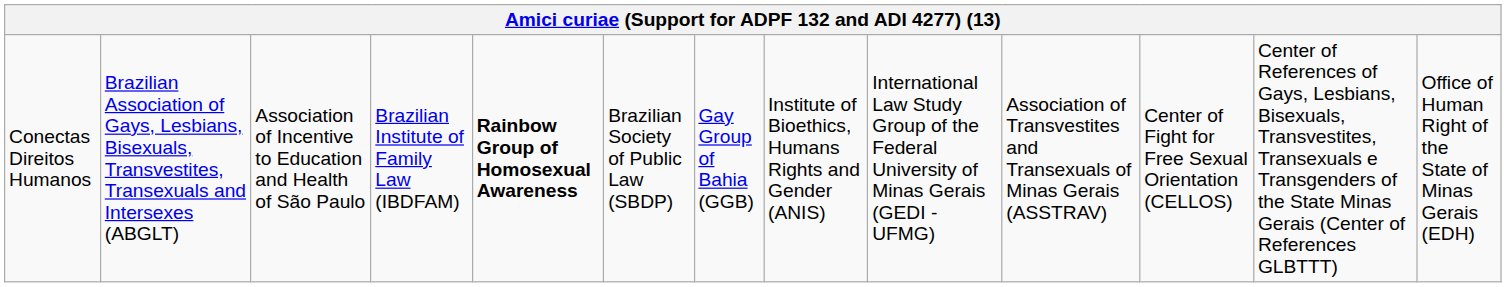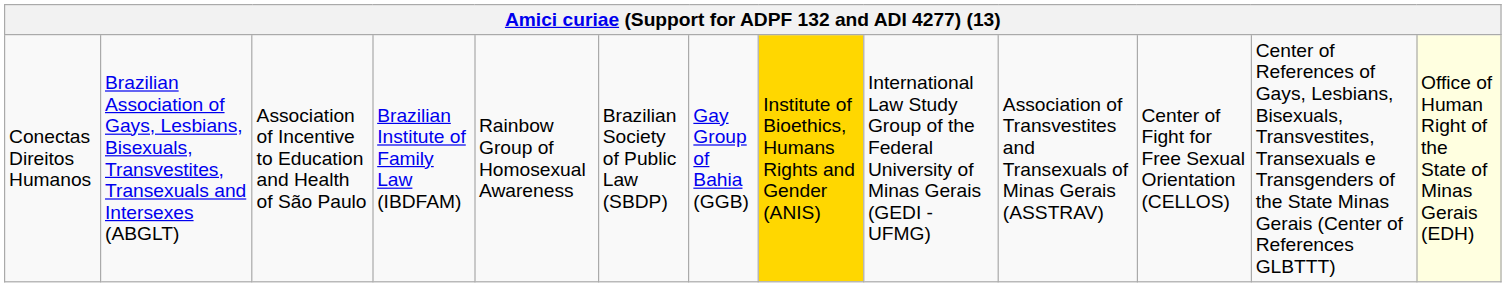 <table class="wikitable">
 <tr>
 <th colspan="13" style="text-align: center;"><a href='#'>Amici curiae</a> (Support for ADPF 132 and ADI 4277) (13)</th>
 </tr>
 <tr>
 <td align="left">Conectas Direitos Humanos</td>
 <td align="left"><a href='#'>Brazilian Association of Gays, Lesbians, Bisexuals, Transvestites, Transexuals and Intersexes</a> (ABGLT)</td>
 <td align="left">Association of Incentive to Education and Health of São Paulo</td>
 <td align="left"><a href='#'>Brazilian Institute of Family Law</a> (IBDFAM)</td>
-<td align="left"><strong>Rainbow Group of Homosexual Awareness</strong></td>
+<td align="left">Rainbow Group of Homosexual Awareness</td>
 <td align="left">Brazilian Society of Public Law (SBDP)</td>
 <td align="left"><a href='#'>Gay Group of Bahia</a> (GGB)</td>
-<td align="left">Institute of Bioethics, Humans Rights and Gender (ANIS)</td>
+<td align="left" style="background: gold;">Institute of Bioethics, Humans Rights and Gender (ANIS)</td>
 <td align="left">International Law Study Group of the Federal University of Minas Gerais (GEDI - UFMG)</td>
 <td align="left">Association of Transvestites and Transexuals of Minas Gerais (ASSTRAV)</td>
 <td align="left">Center of Fight for Free Sexual Orientation (CELLOS)</td>
 <td align="left">Center of References of Gays, Lesbians, Bisexuals, Transvestites, Transexuals e Transgenders of the State Minas Gerais (Center of References GLBTTT)</td>
-<td align="left">Office of Human Right of the State of Minas Gerais (EDH)</td>
+<td align="left" style="background: lightyellow;">Office of Human Right of the State of Minas Gerais (EDH)</td>
 </tr>
 </table>
